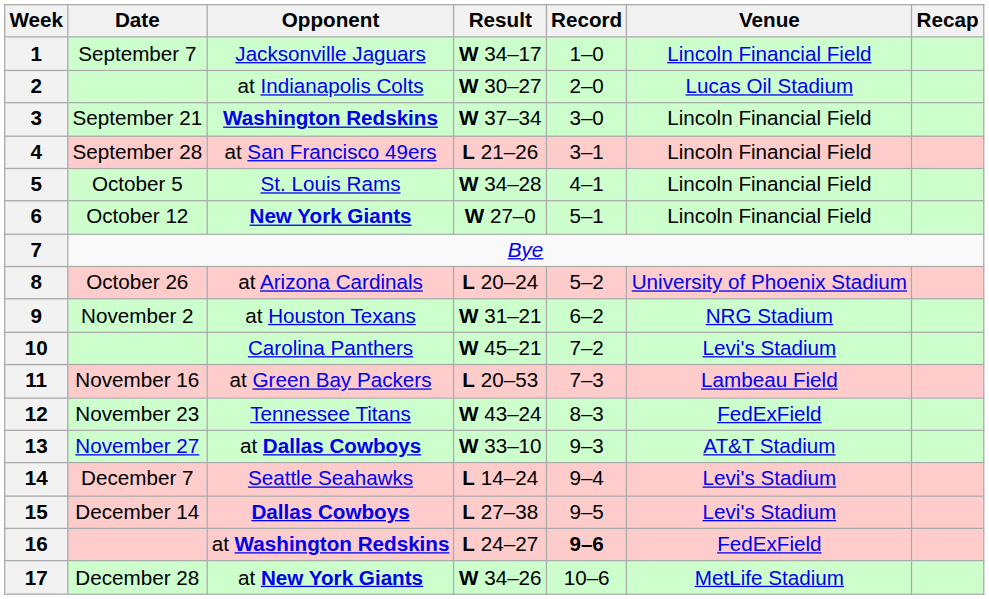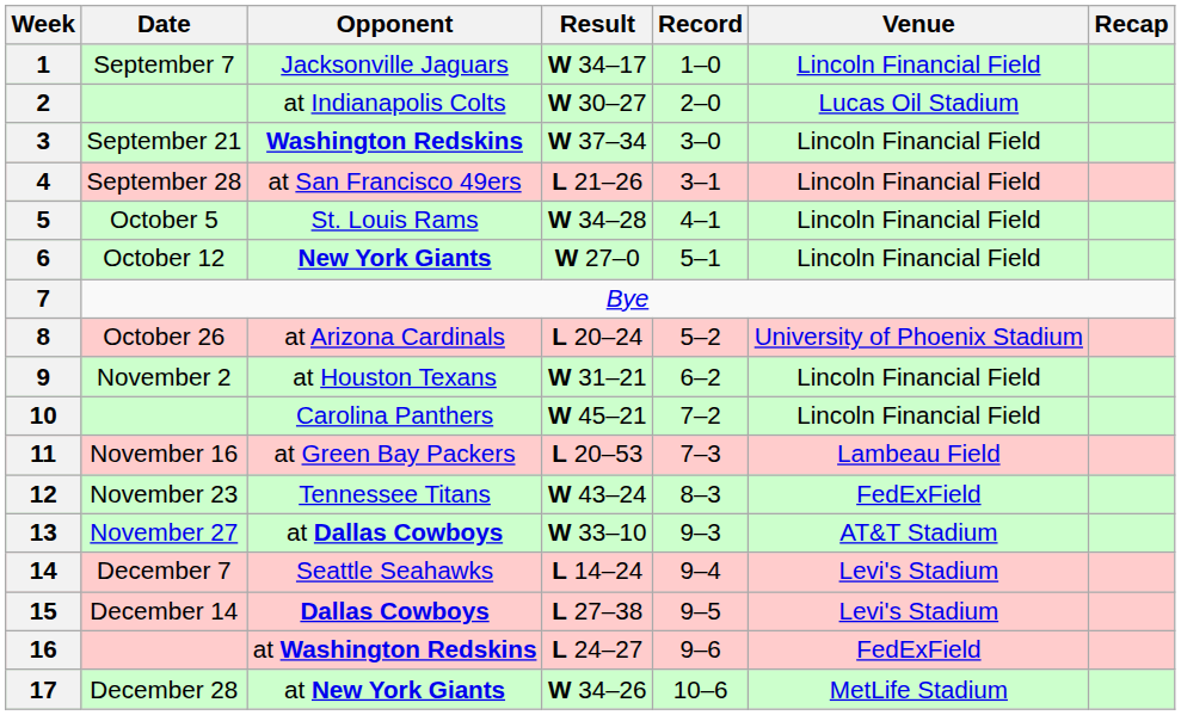 <table class="wikitable" style="text-align:center">
 <tr>
 <th>Week</th>
 <th>Date</th>
 <th>Opponent</th>
 <th>Result</th>
 <th>Record</th>
 <th>Venue</th>
 <th>Recap</th>
 </tr>
 <tr style="background:#cfc">
 <th>1</th>
 <td>September 7</td>
 <td><a href='#'>Jacksonville Jaguars</a></td>
 <td><strong>W</strong> 34–17</td>
 <td>1–0</td>
 <td><a href='#'>Lincoln Financial Field</a></td>
 <td></td>
 </tr>
 <tr style="background:#cfc">
 <th>2</th>
 <td></td>
 <td>at <a href='#'>Indianapolis Colts</a></td>
 <td><strong>W</strong> 30–27</td>
 <td>2–0</td>
 <td><a href='#'>Lucas Oil Stadium</a></td>
 <td></td>
 </tr>
 <tr style="background:#cfc">
 <th>3</th>
 <td>September 21</td>
 <td><strong><a href='#'>Washington Redskins</a></strong></td>
 <td><strong>W</strong> 37–34</td>
 <td>3–0</td>
 <td>Lincoln Financial Field</td>
 <td></td>
 </tr>
 <tr style="background:#fcc">
 <th>4</th>
 <td>September 28</td>
 <td>at <a href='#'>San Francisco 49ers</a></td>
 <td><strong>L</strong> 21–26</td>
 <td>3–1</td>
 <td>Lincoln Financial Field</td>
 <td></td>
 </tr>
 <tr style="background:#cfc">
 <th>5</th>
 <td>October 5</td>
 <td><a href='#'>St. Louis Rams</a></td>
 <td><strong>W</strong> 34–28</td>
 <td>4–1</td>
 <td>Lincoln Financial Field</td>
 <td></td>
 </tr>
 <tr style="background:#cfc">
 <th>6</th>
 <td>October 12</td>
 <td><strong><a href='#'>New York Giants</a></strong></td>
 <td><strong>W</strong> 27–0</td>
 <td>5–1</td>
 <td>Lincoln Financial Field</td>
 <td></td>
 </tr>
 <tr>
 <th>7</th>
 <td colspan="6"><em><a href='#'>Bye</a></em></td>
 </tr>
 <tr style="background:#fcc">
 <th>8</th>
 <td>October 26</td>
 <td>at <a href='#'>Arizona Cardinals</a></td>
 <td><strong>L</strong> 20–24</td>
 <td>5–2</td>
 <td><a href='#'>University of Phoenix Stadium</a></td>
 <td></td>
 </tr>
 <tr style="background:#cfc">
 <th>9</th>
 <td>November 2</td>
 <td>at <a href='#'>Houston Texans</a></td>
 <td><strong>W</strong> 31–21</td>
 <td>6–2</td>
-<td><a href='#'>NRG Stadium</a></td>
+<td>Lincoln Financial Field</td>
 <td></td>
 </tr>
 <tr style="background:#cfc">
 <th>10</th>
 <td></td>
 <td><a href='#'>Carolina Panthers</a></td>
 <td><strong>W</strong> 45–21</td>
 <td>7–2</td>
-<td><a href='#'>Levi's Stadium</a></td>
+<td>Lincoln Financial Field</td>
 <td></td>
 </tr>
 <tr style="background:#fcc">
 <th>11</th>
 <td>November 16</td>
 <td>at <a href='#'>Green Bay Packers</a></td>
 <td><strong>L</strong> 20–53</td>
 <td>7–3</td>
 <td><a href='#'>Lambeau Field</a></td>
 <td></td>
 </tr>
 <tr style="background:#cfc">
 <th>12</th>
 <td>November 23</td>
 <td><a href='#'>Tennessee Titans</a></td>
 <td><strong>W</strong> 43–24</td>
 <td>8–3</td>
 <td><a href='#'>FedExField</a></td>
 <td></td>
 </tr>
 <tr style="background:#cfc">
 <th>13</th>
 <td><a href='#'>November 27</a></td>
 <td>at <strong><a href='#'>Dallas Cowboys</a></strong></td>
 <td><strong>W</strong> 33–10</td>
 <td>9–3</td>
 <td><a href='#'>AT&T Stadium</a></td>
 <td></td>
 </tr>
 <tr style="background:#fcc">
 <th>14</th>
 <td>December 7</td>
 <td><a href='#'>Seattle Seahawks</a></td>
 <td><strong>L</strong> 14–24</td>
 <td>9–4</td>
 <td><a href='#'>Levi's Stadium</a></td>
 <td></td>
 </tr>
 <tr style="background:#fcc">
 <th>15</th>
 <td>December 14</td>
 <td><strong><a href='#'>Dallas Cowboys</a></strong></td>
 <td><strong>L</strong> 27–38</td>
 <td>9–5</td>
 <td><a href='#'>Levi's Stadium</a></td>
 <td></td>
 </tr>
 <tr style="background:#fcc">
 <th>16</th>
 <td></td>
 <td>at <strong><a href='#'>Washington Redskins</a></strong></td>
 <td><strong>L</strong> 24–27</td>
-<td><strong>9–6</strong></td>
+<td>9–6</td>
 <td><a href='#'>FedExField</a></td>
 <td></td>
 </tr>
 <tr style="background:#cfc">
 <th>17</th>
 <td>December 28</td>
 <td>at <strong><a href='#'>New York Giants</a></strong></td>
 <td><strong>W</strong> 34–26</td>
 <td>10–6</td>
 <td><a href='#'>MetLife Stadium</a></td>
 <td></td>
 </tr>
 </table>
